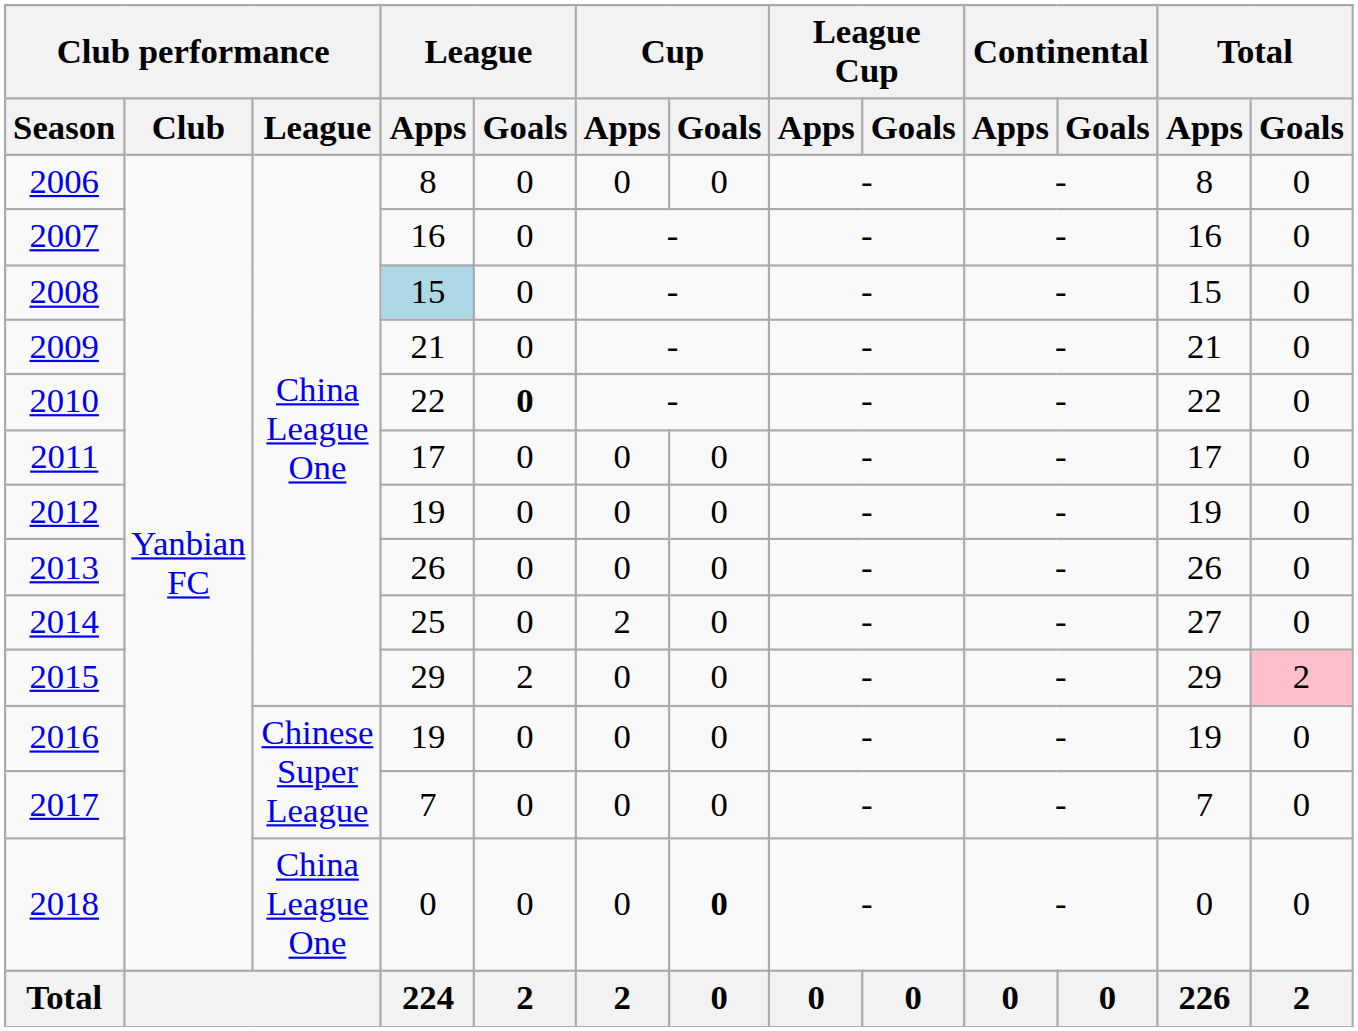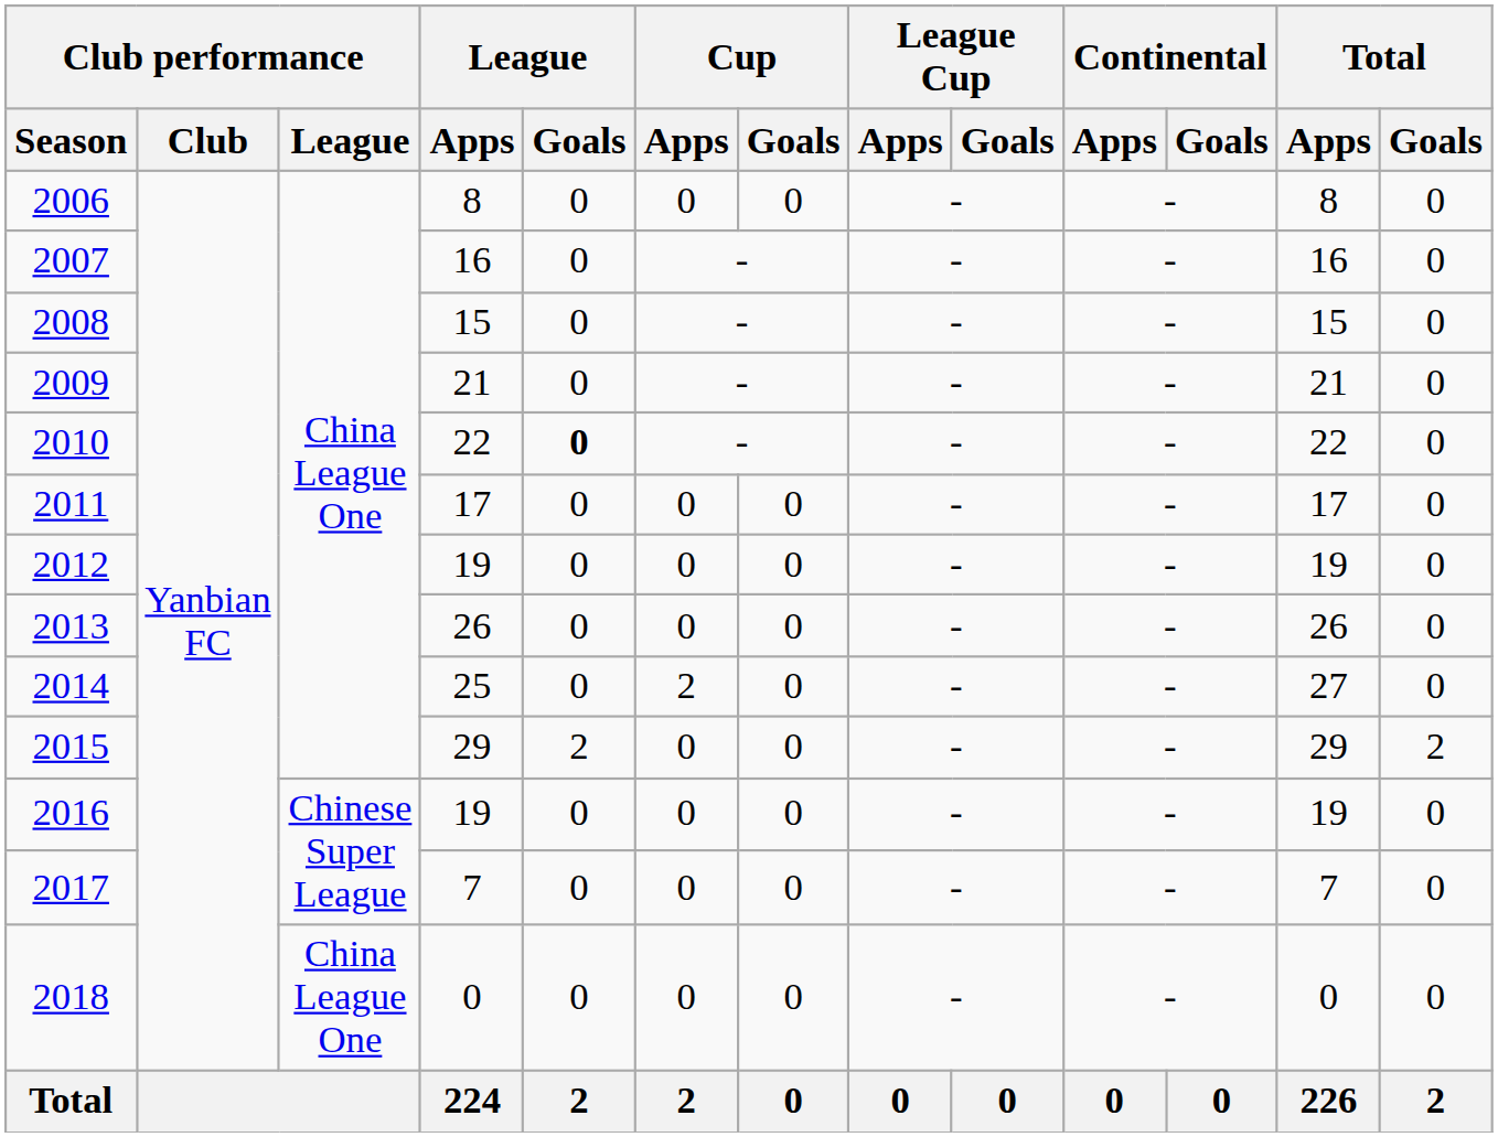 <table class="wikitable" style="text-align:center">
 <tr>
 <th colspan=3>Club performance</th>
 <th colspan=2>League</th>
 <th colspan=2>Cup</th>
 <th colspan=2>League Cup</th>
 <th colspan=2>Continental</th>
 <th colspan=2>Total</th>
 </tr>
 <tr>
 <th>Season</th>
 <th>Club</th>
 <th>League</th>
 <th>Apps</th>
 <th>Goals</th>
 <th>Apps</th>
 <th>Goals</th>
 <th>Apps</th>
 <th>Goals</th>
 <th>Apps</th>
 <th>Goals</th>
 <th>Apps</th>
 <th>Goals</th>
 </tr>
 <tr>
 <td><a href='#'>2006</a></td>
 <td rowspan="13"><a href='#'>Yanbian FC</a></td>
 <td rowspan="10"><a href='#'>China League One</a></td>
 <td>8</td>
 <td>0</td>
 <td>0</td>
 <td>0</td>
 <td colspan="2">-</td>
 <td colspan="2">-</td>
 <td>8</td>
 <td>0</td>
 </tr>
 <tr>
 <td><a href='#'>2007</a></td>
 <td>16</td>
 <td>0</td>
 <td colspan="2">-</td>
 <td colspan="2">-</td>
 <td colspan="2">-</td>
 <td>16</td>
 <td>0</td>
 </tr>
 <tr>
 <td><a href='#'>2008</a></td>
-<td style="background: lightblue;">15</td>
+<td>15</td>
 <td>0</td>
 <td colspan="2">-</td>
 <td colspan="2">-</td>
 <td colspan="2">-</td>
 <td>15</td>
 <td>0</td>
 </tr>
 <tr>
 <td><a href='#'>2009</a></td>
 <td>21</td>
 <td>0</td>
 <td colspan="2">-</td>
 <td colspan="2">-</td>
 <td colspan="2">-</td>
 <td>21</td>
 <td>0</td>
 </tr>
 <tr>
 <td><a href='#'>2010</a></td>
 <td>22</td>
 <td><strong>0</strong></td>
 <td colspan="2">-</td>
 <td colspan="2">-</td>
 <td colspan="2">-</td>
 <td>22</td>
 <td>0</td>
 </tr>
 <tr>
 <td><a href='#'>2011</a></td>
 <td>17</td>
 <td>0</td>
 <td>0</td>
 <td>0</td>
 <td colspan="2">-</td>
 <td colspan="2">-</td>
 <td>17</td>
 <td>0</td>
 </tr>
 <tr>
 <td><a href='#'>2012</a></td>
 <td>19</td>
 <td>0</td>
 <td>0</td>
 <td>0</td>
 <td colspan="2">-</td>
 <td colspan="2">-</td>
 <td>19</td>
 <td>0</td>
 </tr>
 <tr>
 <td><a href='#'>2013</a></td>
 <td>26</td>
 <td>0</td>
 <td>0</td>
 <td>0</td>
 <td colspan="2">-</td>
 <td colspan="2">-</td>
 <td>26</td>
 <td>0</td>
 </tr>
 <tr>
 <td><a href='#'>2014</a></td>
 <td>25</td>
 <td>0</td>
 <td>2</td>
 <td>0</td>
 <td colspan="2">-</td>
 <td colspan="2">-</td>
 <td>27</td>
 <td>0</td>
 </tr>
 <tr>
 <td><a href='#'>2015</a></td>
 <td>29</td>
 <td>2</td>
 <td>0</td>
 <td>0</td>
 <td colspan="2">-</td>
 <td colspan="2">-</td>
 <td>29</td>
-<td style="background: pink;">2</td>
+<td>2</td>
 </tr>
 <tr>
 <td><a href='#'>2016</a></td>
 <td rowspan="2"><a href='#'>Chinese Super League</a></td>
 <td>19</td>
 <td>0</td>
 <td>0</td>
 <td>0</td>
 <td colspan="2">-</td>
 <td colspan="2">-</td>
 <td>19</td>
 <td>0</td>
 </tr>
 <tr>
 <td><a href='#'>2017</a></td>
 <td>7</td>
 <td>0</td>
 <td>0</td>
 <td>0</td>
 <td colspan="2">-</td>
 <td colspan="2">-</td>
 <td>7</td>
 <td>0</td>
 </tr>
 <tr>
 <td><a href='#'>2018</a></td>
 <td rowspan="1"><a href='#'>China League One</a></td>
 <td>0</td>
 <td>0</td>
 <td>0</td>
-<td><strong>0</strong></td>
+<td>0</td>
 <td colspan="2">-</td>
 <td colspan="2">-</td>
 <td>0</td>
 <td>0</td>
 </tr>
 <tr>
 <th rowspan=3>Total</th>
 <th colspan=2></th>
 <th>224</th>
 <th>2</th>
 <th>2</th>
 <th>0</th>
 <th>0</th>
 <th>0</th>
 <th>0</th>
 <th>0</th>
 <th>226</th>
 <th>2</th>
 </tr>
 </table>
